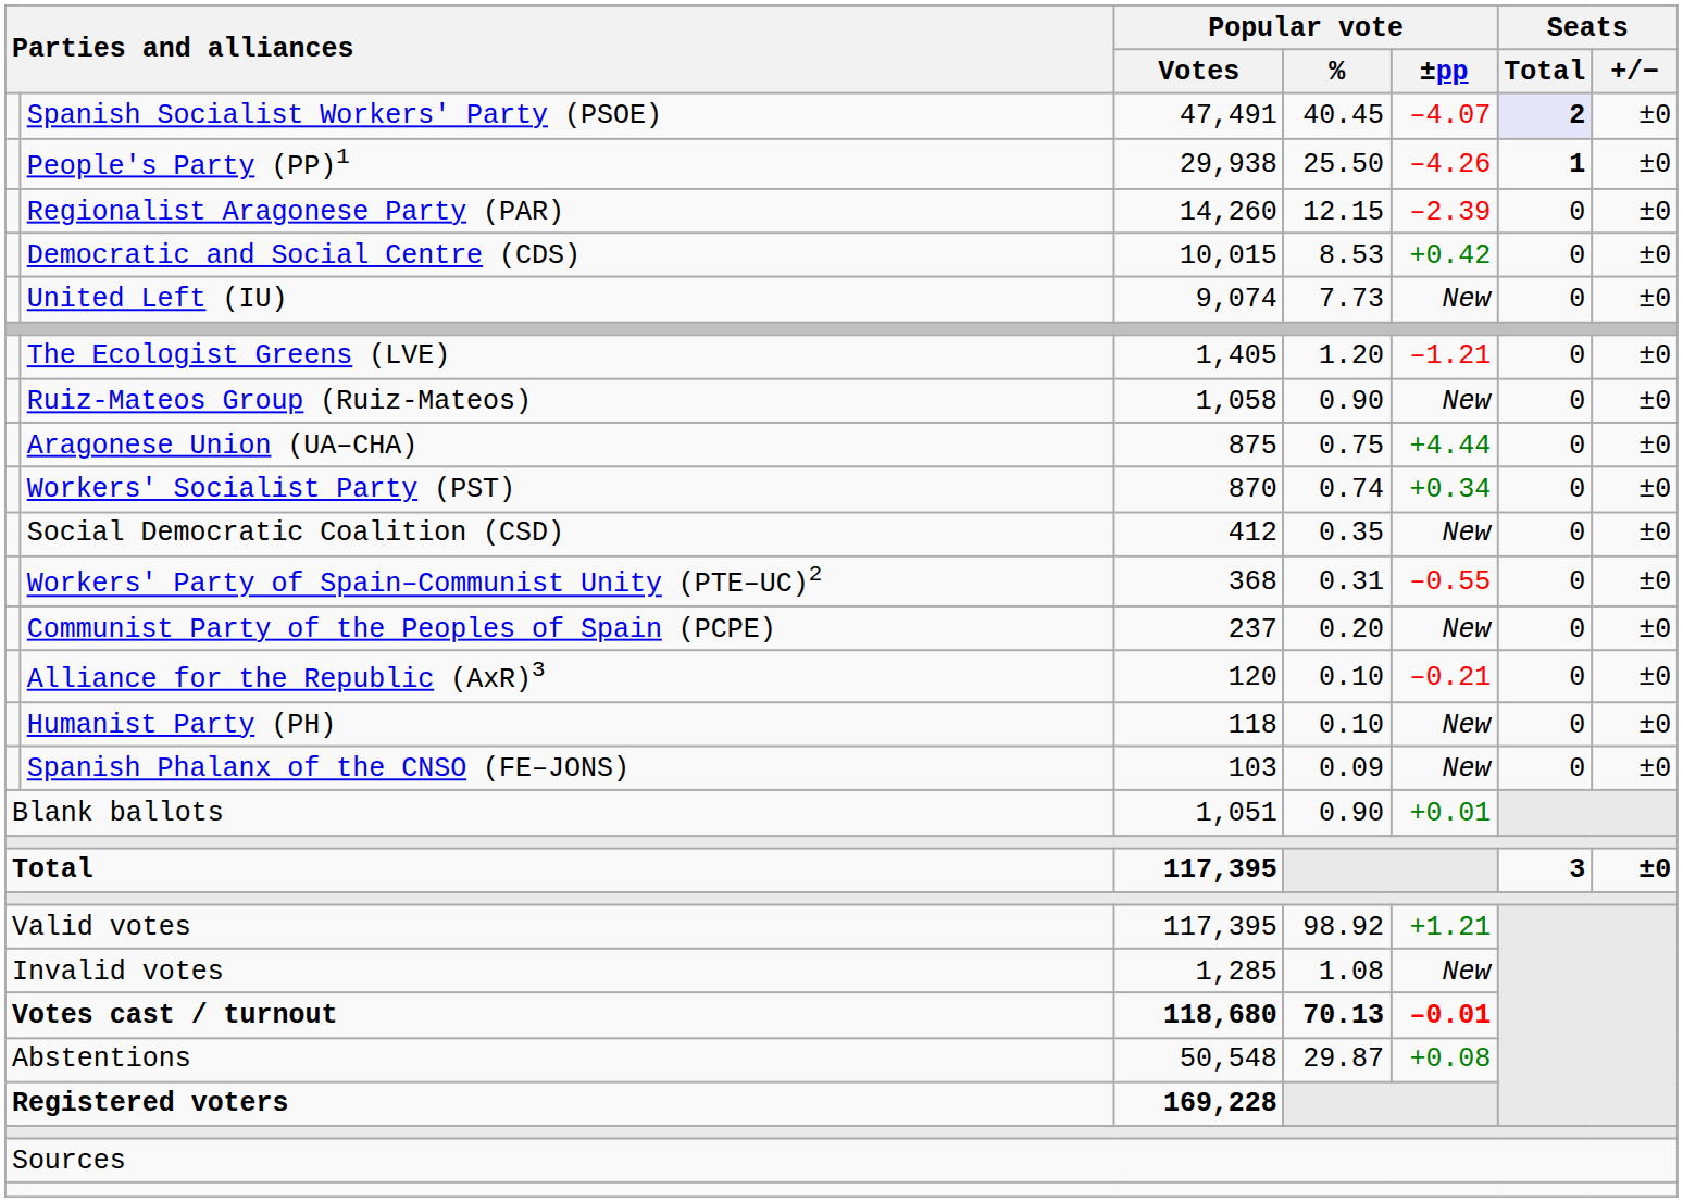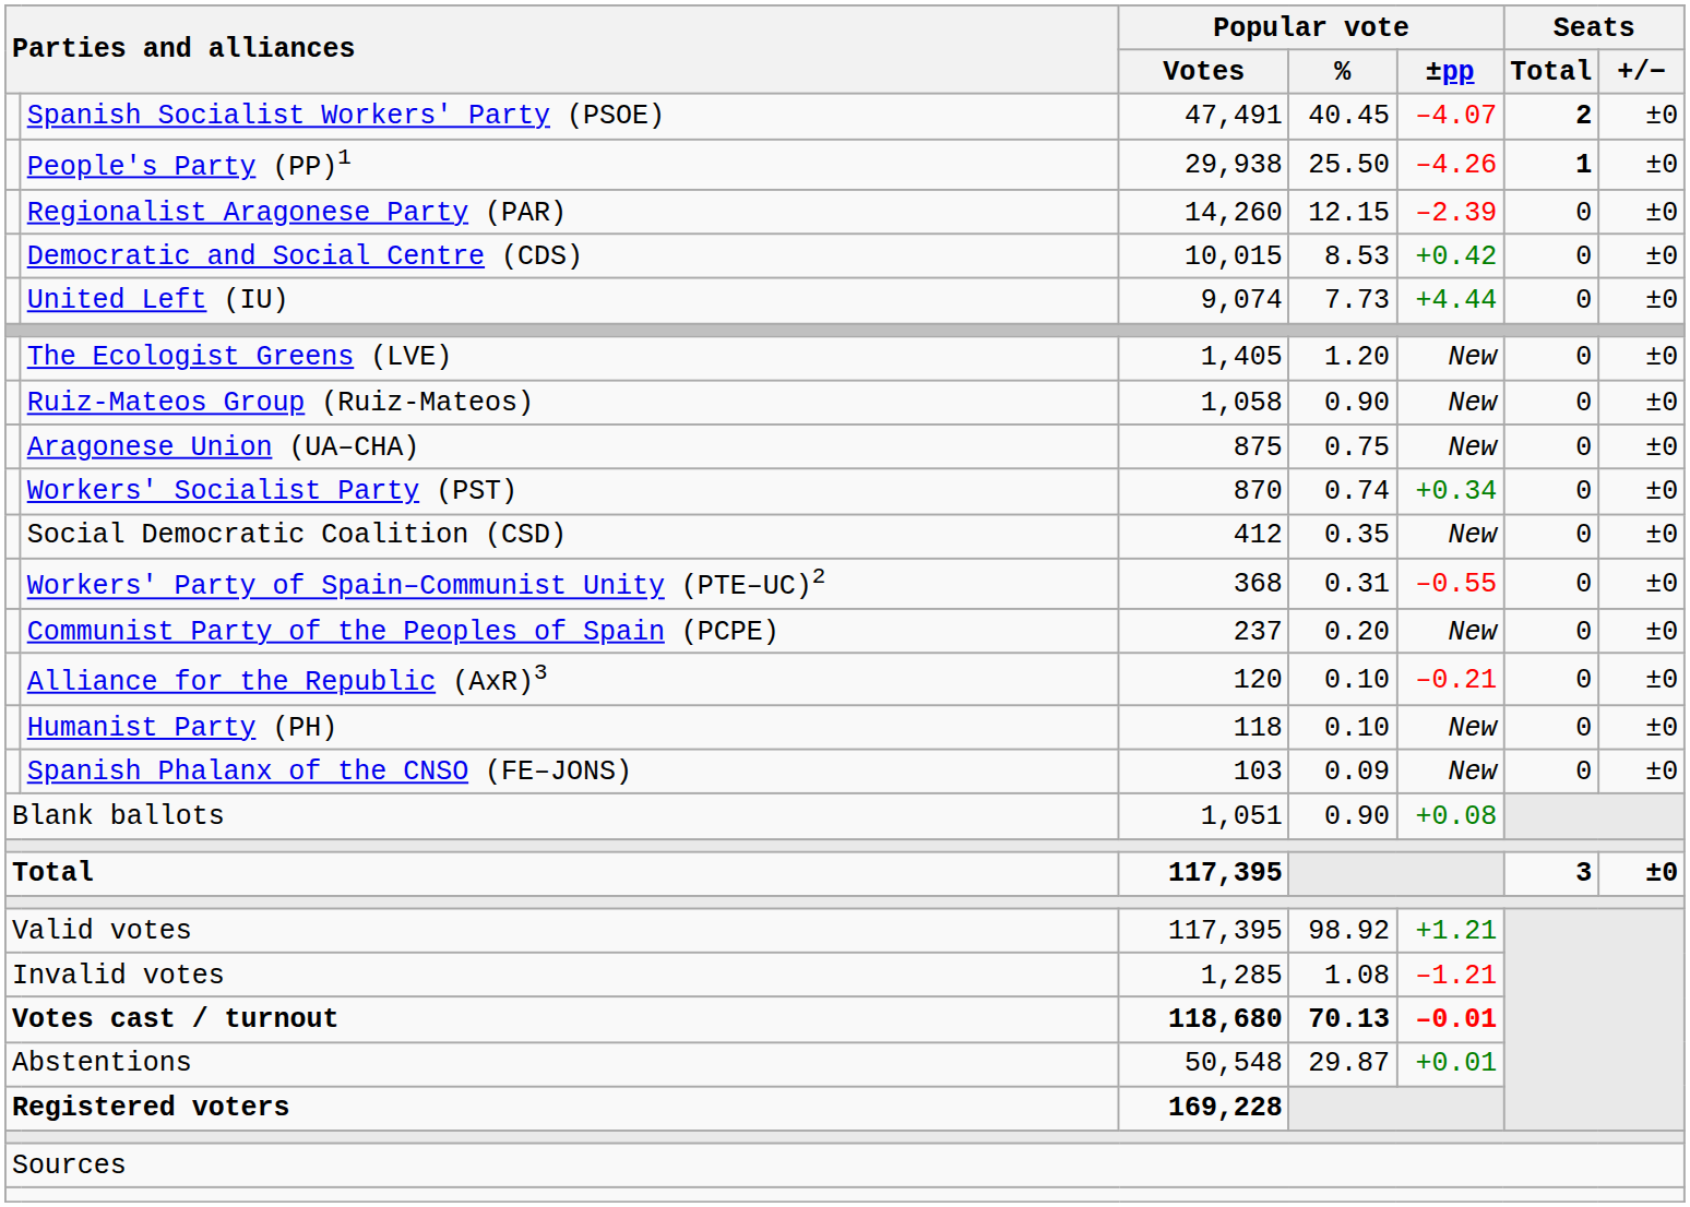 <table class="wikitable" style="text-align:right;">
 <tr>
 <th style="text-align:left;" rowspan="2" colspan="2" width="525">Parties and alliances</th>
 <th colspan="3">Popular vote</th>
 <th colspan="2">Seats</th>
 </tr>
 <tr>
 <th width="75">Votes</th>
 <th width="45">%</th>
 <th width="45">±<a href='#'>pp</a></th>
 <th width="35">Total</th>
 <th width="35">+/−</th>
 </tr>
 <tr>
 <td width="1" style="color:inherit;background:"></td>
 <td align="left"><a href='#'>Spanish Socialist Workers' Party</a> (PSOE)</td>
 <td>47,491</td>
 <td>40.45</td>
 <td style="color:red;">–4.07</td>
-<td style="background: lavender;"><strong>2</strong></td>
+<td><strong>2</strong></td>
 <td>±0</td>
 </tr>
 <tr>
 <td style="color:inherit;background:"></td>
 <td align="left"><a href='#'>People's Party</a> (PP)<sup>1</sup></td>
 <td>29,938</td>
 <td>25.50</td>
 <td style="color:red;">–4.26</td>
 <td><strong>1</strong></td>
 <td>±0</td>
 </tr>
 <tr>
 <td style="color:inherit;background:"></td>
 <td align="left"><a href='#'>Regionalist Aragonese Party</a> (PAR)</td>
 <td>14,260</td>
 <td>12.15</td>
 <td style="color:red;">–2.39</td>
 <td>0</td>
 <td>±0</td>
 </tr>
 <tr>
 <td style="color:inherit;background:"></td>
 <td align="left"><a href='#'>Democratic and Social Centre</a> (CDS)</td>
 <td>10,015</td>
 <td>8.53</td>
 <td style="color:green;">+0.42</td>
 <td>0</td>
 <td>±0</td>
 </tr>
 <tr>
 <td style="color:inherit;background:"></td>
 <td align="left"><a href='#'>United Left</a> (IU)</td>
 <td>9,074</td>
 <td>7.73</td>
-<td><em>New</em></td>
+<td style="color:green;">+4.44</td>
 <td>0</td>
 <td>±0</td>
 </tr>
 <tr>
 <td colspan="7" bgcolor="#C0C0C0"></td>
 </tr>
 <tr>
 <td style="color:inherit;background:"></td>
 <td align="left"><a href='#'>The Ecologist Greens</a> (LVE)</td>
 <td>1,405</td>
 <td>1.20</td>
-<td style="color:red;">–1.21</td>
+<td><em>New</em></td>
 <td>0</td>
 <td>±0</td>
 </tr>
 <tr>
 <td style="color:inherit;background:"></td>
 <td align="left"><a href='#'>Ruiz-Mateos Group</a> (Ruiz-Mateos)</td>
 <td>1,058</td>
 <td>0.90</td>
 <td><em>New</em></td>
 <td>0</td>
 <td>±0</td>
 </tr>
 <tr>
 <td style="color:inherit;background:"></td>
 <td align="left"><a href='#'>Aragonese Union</a> (UA–CHA)</td>
 <td>875</td>
 <td>0.75</td>
-<td style="color:green;">+4.44</td>
+<td><em>New</em></td>
 <td>0</td>
 <td>±0</td>
 </tr>
 <tr>
 <td style="color:inherit;background:"></td>
 <td align="left"><a href='#'>Workers' Socialist Party</a> (PST)</td>
 <td>870</td>
 <td>0.74</td>
 <td style="color:green;">+0.34</td>
 <td>0</td>
 <td>±0</td>
 </tr>
 <tr>
 <td style="color:inherit;background:"></td>
 <td align="left">Social Democratic Coalition (CSD)</td>
 <td>412</td>
 <td>0.35</td>
 <td><em>New</em></td>
 <td>0</td>
 <td>±0</td>
 </tr>
 <tr>
 <td style="color:inherit;background:"></td>
 <td align="left"><a href='#'>Workers' Party of Spain–Communist Unity</a> (PTE–UC)<sup>2</sup></td>
 <td>368</td>
 <td>0.31</td>
 <td style="color:red;">–0.55</td>
 <td>0</td>
 <td>±0</td>
 </tr>
 <tr>
 <td style="color:inherit;background:"></td>
 <td align="left"><a href='#'>Communist Party of the Peoples of Spain</a> (PCPE)</td>
 <td>237</td>
 <td>0.20</td>
 <td><em>New</em></td>
 <td>0</td>
 <td>±0</td>
 </tr>
 <tr>
 <td style="color:inherit;background:"></td>
 <td align="left"><a href='#'>Alliance for the Republic</a> (AxR)<sup>3</sup></td>
 <td>120</td>
 <td>0.10</td>
 <td style="color:red;">–0.21</td>
 <td>0</td>
 <td>±0</td>
 </tr>
 <tr>
 <td style="color:inherit;background:"></td>
 <td align="left"><a href='#'>Humanist Party</a> (PH)</td>
 <td>118</td>
 <td>0.10</td>
 <td><em>New</em></td>
 <td>0</td>
 <td>±0</td>
 </tr>
 <tr>
 <td style="color:inherit;background:"></td>
 <td align="left"><a href='#'>Spanish Phalanx of the CNSO</a> (FE–JONS)</td>
 <td>103</td>
 <td>0.09</td>
 <td><em>New</em></td>
 <td>0</td>
 <td>±0</td>
 </tr>
 <tr>
 <td align="left" colspan="2">Blank ballots</td>
 <td>1,051</td>
 <td>0.90</td>
-<td style="color:green;">+0.01</td>
+<td style="color:green;">+0.08</td>
 <td bgcolor="#E9E9E9" colspan="2"></td>
 </tr>
 <tr>
 <td colspan="7" bgcolor="#E9E9E9"></td>
 </tr>
 <tr style="font-weight:bold;">
 <td align="left" colspan="2">Total</td>
 <td>117,395</td>
 <td bgcolor="#E9E9E9" colspan="2"></td>
 <td>3</td>
 <td>±0</td>
 </tr>
 <tr>
 <td colspan="7" bgcolor="#E9E9E9"></td>
 </tr>
 <tr>
 <td align="left" colspan="2">Valid votes</td>
 <td>117,395</td>
 <td>98.92</td>
 <td style="color:green;">+1.21</td>
 <td bgcolor="#E9E9E9" colspan="2" rowspan="5"></td>
 </tr>
 <tr>
 <td align="left" colspan="2">Invalid votes</td>
 <td>1,285</td>
 <td>1.08</td>
-<td><em>New</em></td>
+<td style="color:red;">–1.21</td>
 </tr>
 <tr style="font-weight:bold;">
 <td align="left" colspan="2">Votes cast / turnout</td>
 <td>118,680</td>
 <td>70.13</td>
 <td style="color:red;">–0.01</td>
 </tr>
 <tr>
 <td align="left" colspan="2">Abstentions</td>
 <td>50,548</td>
 <td>29.87</td>
-<td style="color:green;">+0.08</td>
+<td style="color:green;">+0.01</td>
 </tr>
 <tr style="font-weight:bold;">
 <td align="left" colspan="2">Registered voters</td>
 <td>169,228</td>
 <td bgcolor="#E9E9E9" colspan="2"></td>
 </tr>
 <tr>
 <td colspan="7" bgcolor="#E9E9E9"></td>
 </tr>
 <tr>
 <td align="left" colspan="7">Sources</td>
 </tr>
 <tr>
 <td colspan="7" style="text-align:left; max-width:790px;"></td>
 </tr>
 </table>
